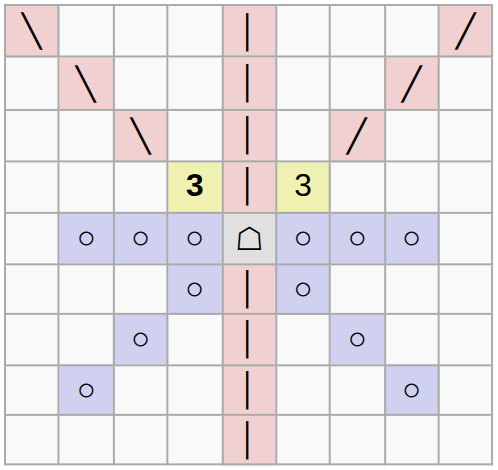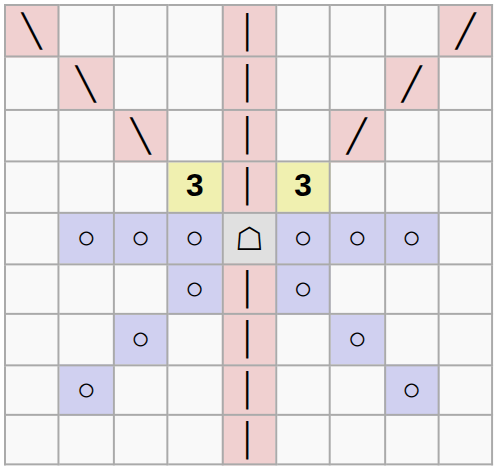 <table border="1" class="wikitable">
 <tr align=center>
 <td width="20" style="background:#f0d0d0;">╲</td>
 <td width="20"> </td>
 <td width="20"> </td>
 <td width="20"> </td>
 <td width="20" style="background:#f0d0d0;">│</td>
 <td width="20"> </td>
 <td width="20"> </td>
 <td width="20"> </td>
 <td width="20" style="background:#f0d0d0;">╱</td>
 </tr>
 <tr align=center>
 <td> </td>
 <td style="background:#f0d0d0;">╲</td>
 <td> </td>
 <td> </td>
 <td style="background:#f0d0d0;">│</td>
 <td> </td>
 <td> </td>
 <td style="background:#f0d0d0;">╱</td>
 <td> </td>
 </tr>
 <tr align=center>
 <td> </td>
 <td> </td>
 <td style="background:#f0d0d0;">╲</td>
 <td> </td>
 <td style="background:#f0d0d0;">│</td>
 <td> </td>
 <td style="background:#f0d0d0;">╱</td>
 <td> </td>
 <td> </td>
 </tr>
 <tr align=center>
 <td> </td>
 <td> </td>
 <td> </td>
 <td style="background:#f0f0b0;"><strong>3</strong></td>
 <td style="background:#f0d0d0;">│</td>
-<td style="background:#f0f0b0;">3</td>
+<td style="background:#f0f0b0;"><strong>3</strong></td>
 <td> </td>
 <td> </td>
 <td> </td>
 </tr>
 <tr align=center>
 <td> </td>
 <td style="background:#d0d0f0;">○</td>
 <td style="background:#d0d0f0;">○</td>
 <td style="background:#d0d0f0;">○</td>
 <td style="background:#e0e0e0;">☖</td>
 <td style="background:#d0d0f0;">○</td>
 <td style="background:#d0d0f0;">○</td>
 <td style="background:#d0d0f0;">○</td>
 <td> </td>
 </tr>
 <tr align=center>
 <td> </td>
 <td> </td>
 <td> </td>
 <td style="background:#d0d0f0;">○</td>
 <td style="background:#f0d0d0;">│</td>
 <td style="background:#d0d0f0;">○</td>
 <td> </td>
 <td> </td>
 <td> </td>
 </tr>
 <tr align=center>
 <td> </td>
 <td> </td>
 <td style="background:#d0d0f0;">○</td>
 <td> </td>
 <td style="background:#f0d0d0;">│</td>
 <td> </td>
 <td style="background:#d0d0f0;">○</td>
 <td> </td>
 <td> </td>
 </tr>
 <tr align=center>
 <td> </td>
 <td style="background:#d0d0f0;">○</td>
 <td> </td>
 <td> </td>
 <td style="background:#f0d0d0;">│</td>
 <td> </td>
 <td> </td>
 <td style="background:#d0d0f0;">○</td>
 <td> </td>
 </tr>
 <tr align=center>
 <td> </td>
 <td> </td>
 <td> </td>
 <td> </td>
 <td style="background:#f0d0d0;">│</td>
 <td> </td>
 <td> </td>
 <td> </td>
 <td> </td>
 </tr>
 </table>
